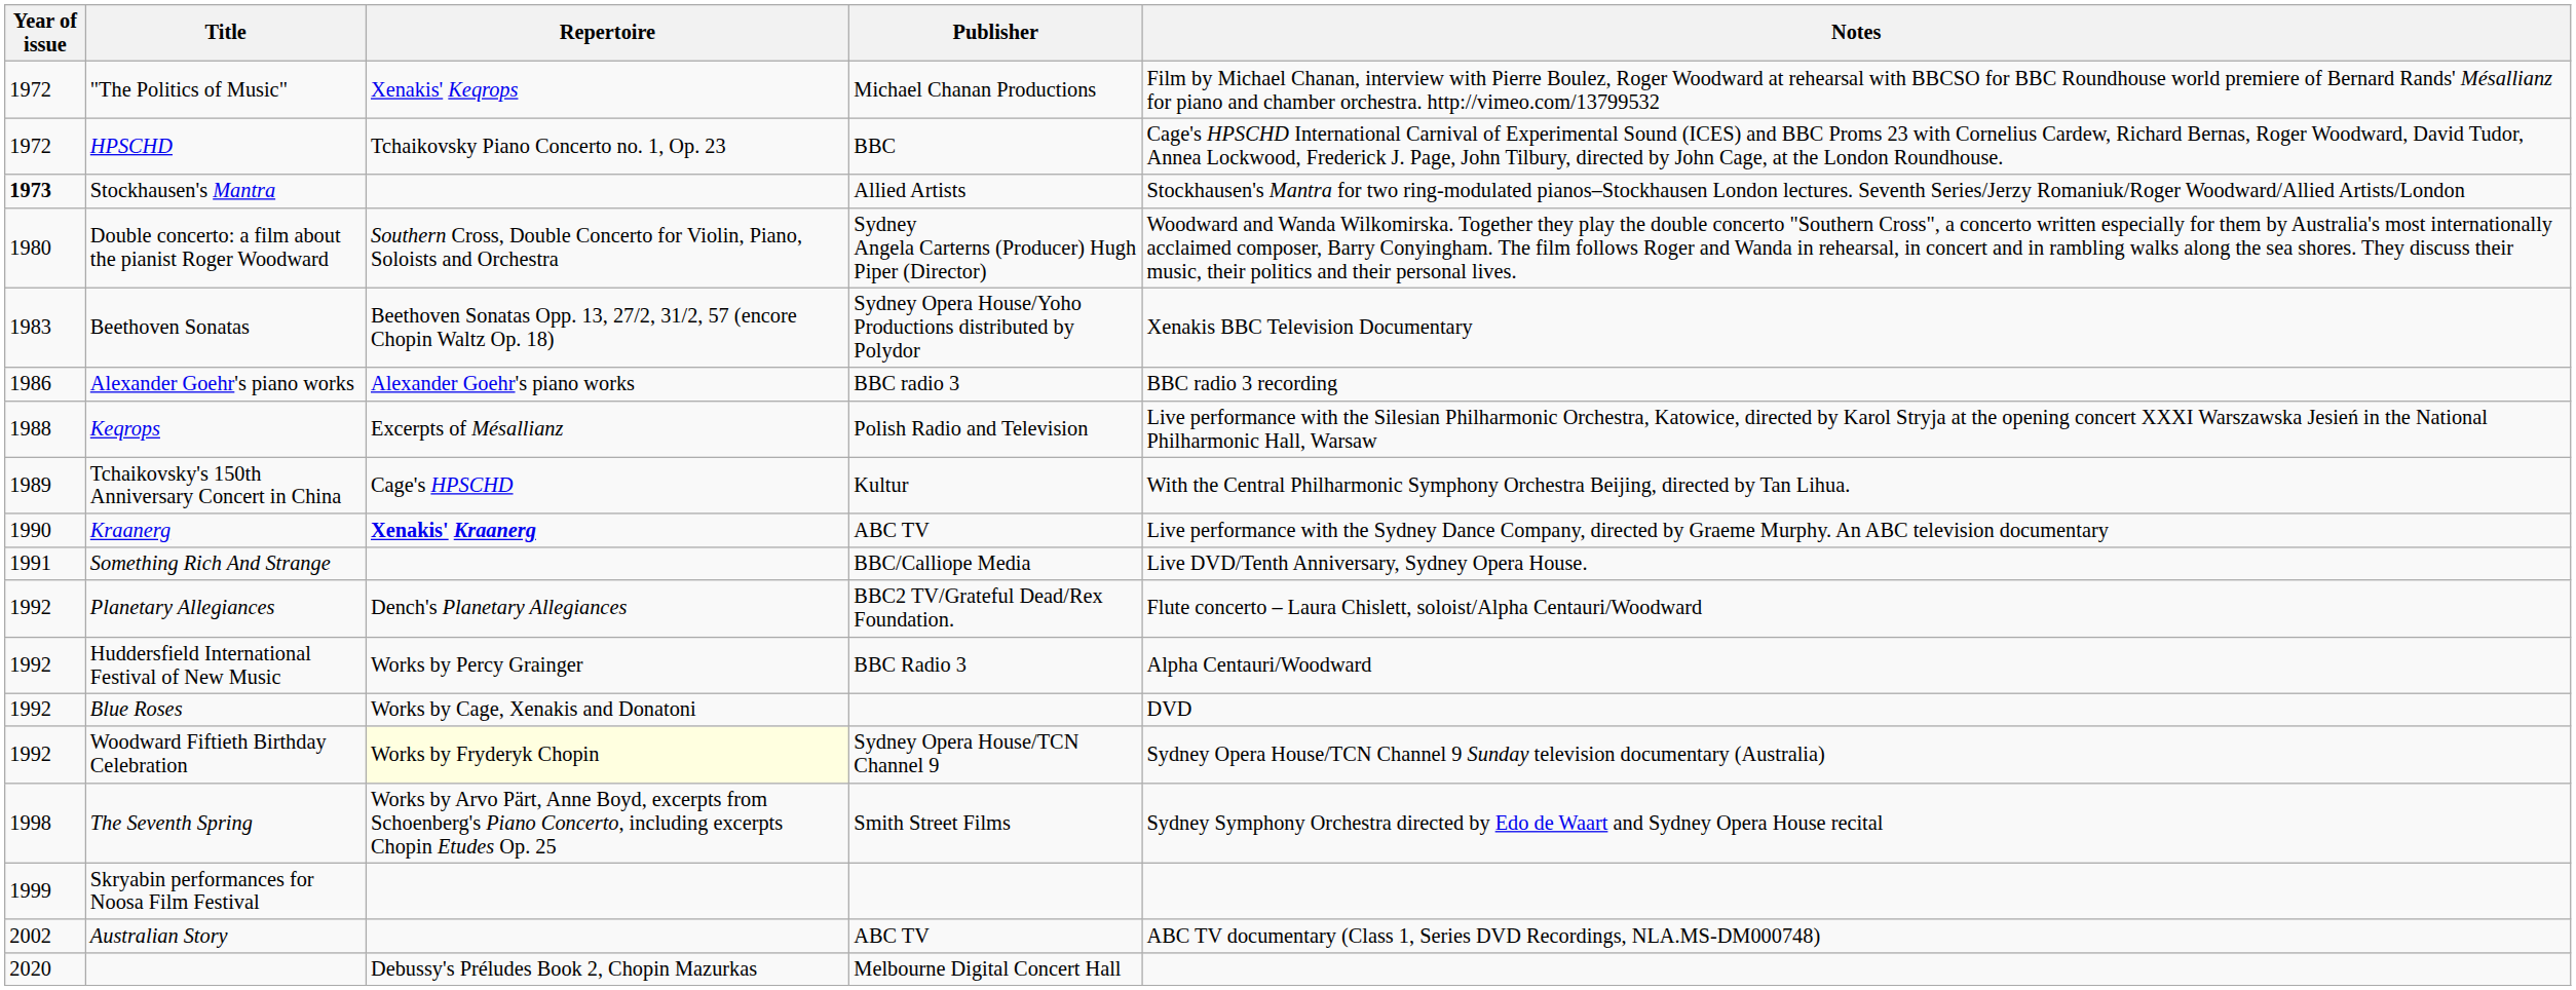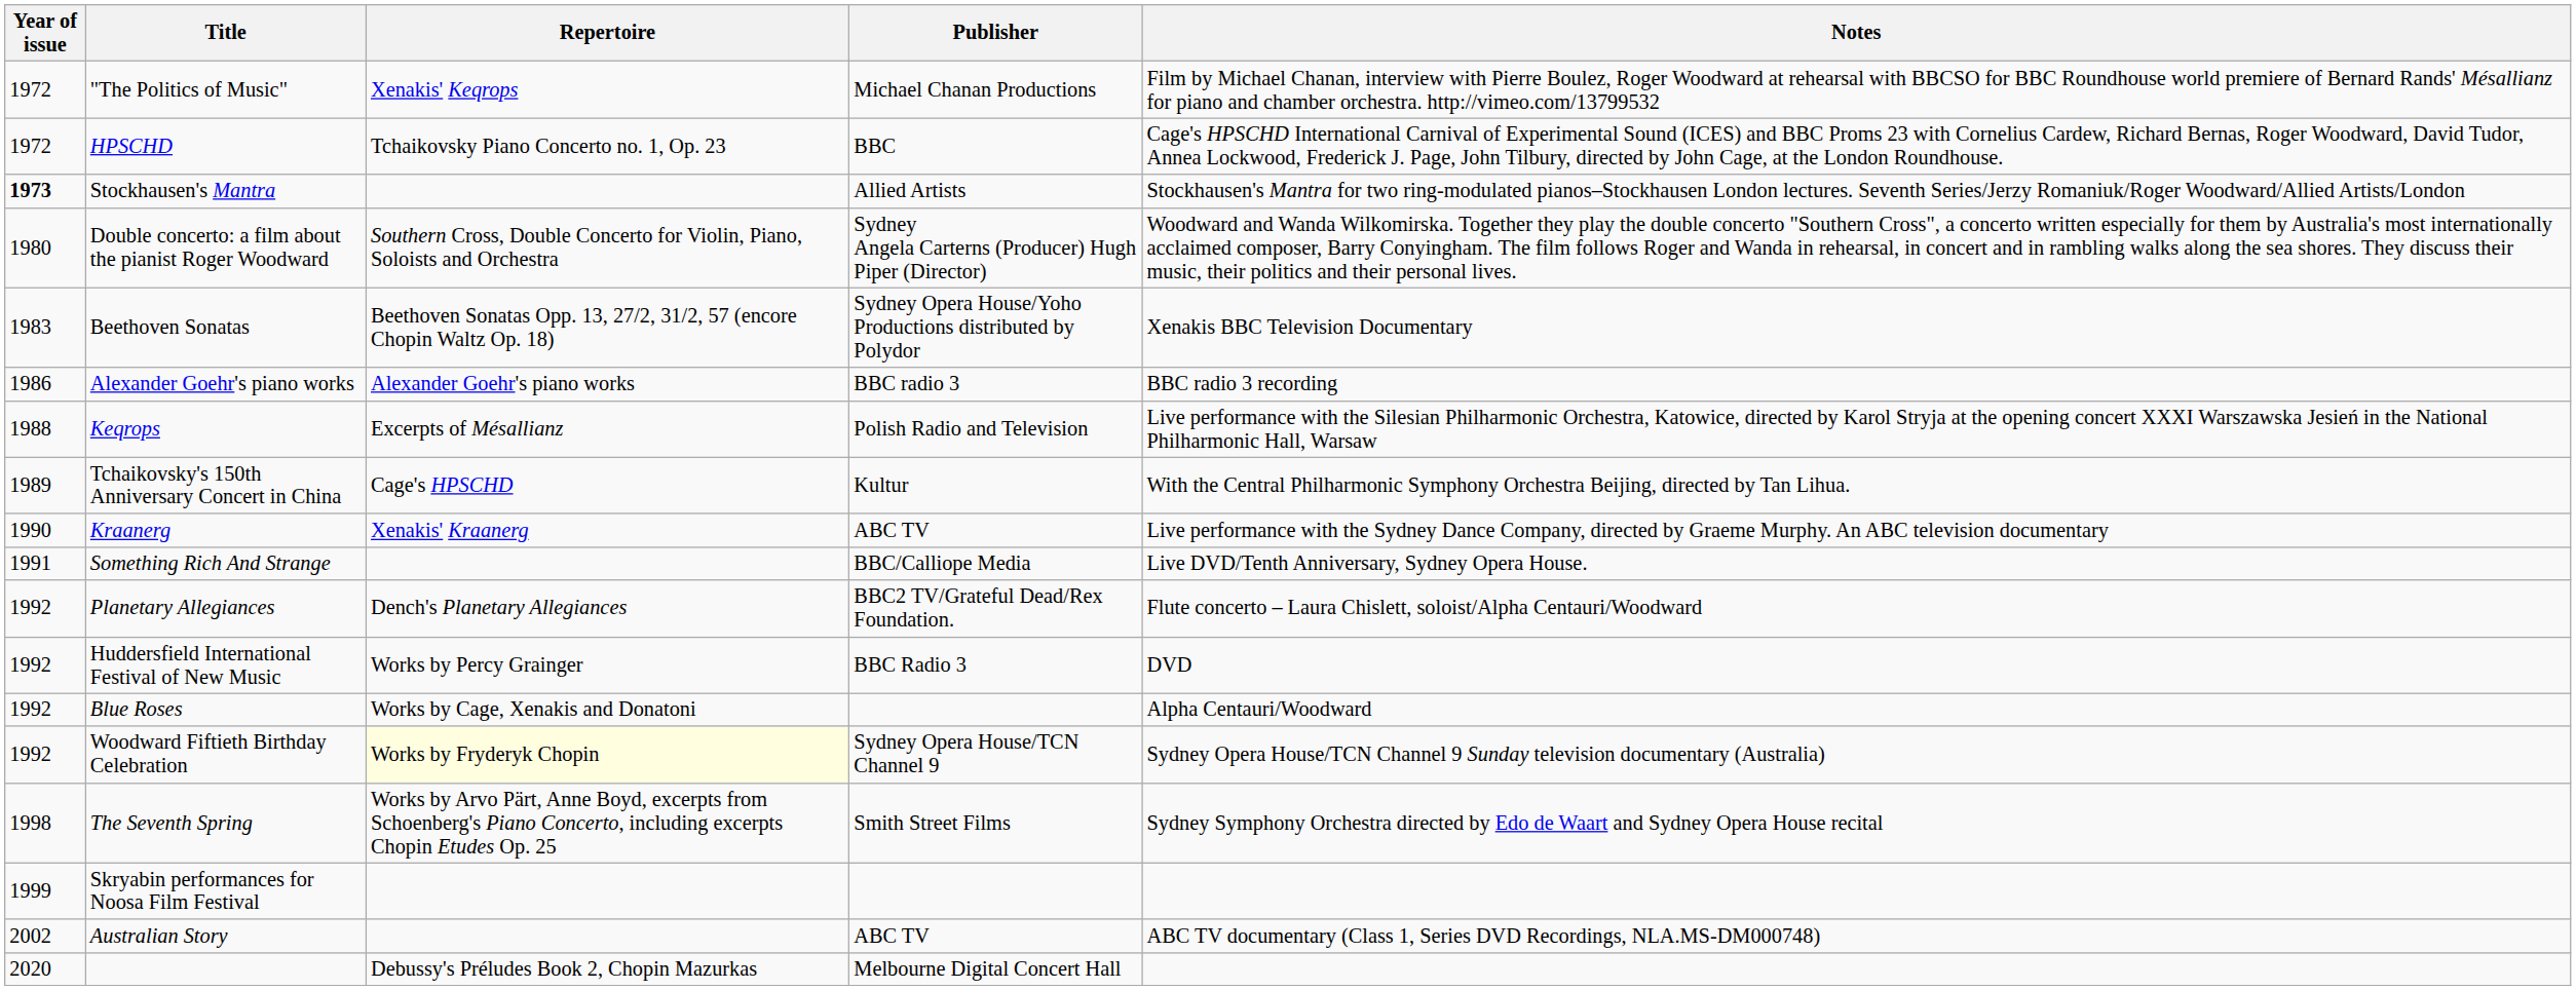 <table class="wikitable sortable">
 <tr>
 <th>Year of issue</th>
 <th>Title</th>
 <th>Repertoire</th>
 <th>Publisher</th>
 <th>Notes</th>
 </tr>
 <tr>
 <td>1972</td>
 <td>"The Politics of Music"</td>
 <td><a href='#'>Xenakis'</a> <em><a href='#'>Keqrops</a></em></td>
 <td>Michael Chanan Productions</td>
 <td>Film by Michael Chanan, interview with Pierre Boulez, Roger Woodward at rehearsal with BBCSO for BBC Roundhouse world premiere of Bernard Rands' <em>Mésallianz</em> for piano and chamber orchestra. http://vimeo.com/13799532</td>
 </tr>
 <tr>
 <td>1972</td>
 <td><em><a href='#'>HPSCHD</a></em></td>
 <td>Tchaikovsky Piano Concerto no. 1, Op. 23</td>
 <td>BBC</td>
 <td>Cage's <em>HPSCHD</em> International Carnival of Experimental Sound (ICES) and BBC Proms 23 with Cornelius Cardew, Richard Bernas, Roger Woodward, David Tudor, Annea Lockwood, Frederick J. Page, John Tilbury, directed by John Cage, at the London Roundhouse.</td>
 </tr>
 <tr>
 <td><strong>1973</strong></td>
 <td>Stockhausen's <em><a href='#'>Mantra</a></em></td>
 <td></td>
 <td>Allied Artists</td>
 <td>Stockhausen's <em>Mantra</em> for two ring-modulated pianos–Stockhausen London lectures. Seventh Series/Jerzy Romaniuk/Roger Woodward/Allied Artists/London</td>
 </tr>
 <tr>
 <td>1980</td>
 <td>Double concerto: a film about the pianist Roger Woodward</td>
 <td><em>Southern</em> Cross, Double Concerto for Violin, Piano, Soloists and Orchestra</td>
 <td>Sydney<br>Angela Carterns (Producer) Hugh Piper (Director)</td>
 <td>Woodward and Wanda Wilkomirska. Together they play the double concerto "Southern Cross", a concerto written especially for them by Australia's most internationally acclaimed composer, Barry Conyingham. The film follows Roger and Wanda in rehearsal, in concert and in rambling walks along the sea shores. They discuss their music, their politics and their personal lives.</td>
 </tr>
 <tr>
 <td>1983</td>
 <td>Beethoven Sonatas</td>
 <td>Beethoven Sonatas Opp. 13, 27/2, 31/2, 57 (encore Chopin Waltz Op. 18)</td>
 <td>Sydney Opera House/Yoho Productions distributed by Polydor</td>
 <td>Xenakis BBC Television Documentary</td>
 </tr>
 <tr>
 <td>1986</td>
 <td><a href='#'>Alexander Goehr</a>'s piano works</td>
 <td><a href='#'>Alexander Goehr</a>'s piano works</td>
 <td>BBC radio 3</td>
 <td>BBC radio 3 recording</td>
 </tr>
 <tr>
 <td>1988</td>
 <td><em><a href='#'>Keqrops</a></em></td>
 <td>Excerpts of <em>Mésallianz</em></td>
 <td>Polish Radio and Television</td>
 <td>Live performance with the Silesian Philharmonic Orchestra, Katowice, directed by Karol Stryja at the opening concert XXXI Warszawska Jesień in the National Philharmonic Hall, Warsaw</td>
 </tr>
 <tr>
 <td>1989</td>
 <td>Tchaikovsky's 150th Anniversary Concert in China</td>
 <td>Cage's<em> <a href='#'>HPSCHD</a></em></td>
 <td>Kultur</td>
 <td>With the Central Philharmonic Symphony Orchestra Beijing, directed by Tan Lihua.</td>
 </tr>
 <tr>
 <td>1990</td>
 <td><em><a href='#'>Kraanerg</a></em></td>
-<td><strong><a href='#'>Xenakis'</a> <em><a href='#'>Kraanerg</a></em></strong></td>
+<td><a href='#'>Xenakis'</a> <em><a href='#'>Kraanerg</a></em></td>
 <td>ABC TV</td>
 <td>Live performance with the Sydney Dance Company, directed by Graeme Murphy. An ABC television documentary</td>
 </tr>
 <tr>
 <td>1991</td>
 <td><em>Something Rich And Strange</em></td>
 <td></td>
 <td>BBC/Calliope Media</td>
 <td>Live DVD/Tenth Anniversary, Sydney Opera House.</td>
 </tr>
 <tr>
 <td>1992</td>
 <td><em>Planetary Allegiances</em></td>
 <td>Dench's <em>Planetary Allegiances</em></td>
 <td>BBC2 TV/Grateful Dead/Rex Foundation.</td>
 <td>Flute concerto – Laura Chislett, soloist/Alpha Centauri/Woodward</td>
 </tr>
 <tr>
 <td>1992</td>
 <td>Huddersfield International Festival of New Music</td>
 <td>Works by Percy Grainger</td>
 <td>BBC Radio 3</td>
-<td>Alpha Centauri/Woodward</td>
+<td>DVD</td>
 </tr>
 <tr>
 <td>1992</td>
 <td><em>Blue Roses</em></td>
 <td>Works by Cage, Xenakis and Donatoni</td>
 <td></td>
-<td>DVD</td>
+<td>Alpha Centauri/Woodward</td>
 </tr>
 <tr>
 <td>1992</td>
 <td>Woodward Fiftieth Birthday Celebration</td>
 <td style="background: lightyellow;">Works by Fryderyk Chopin</td>
 <td>Sydney Opera House/TCN Channel 9</td>
 <td>Sydney Opera House/TCN Channel 9 <em>Sunday</em> television documentary (Australia)</td>
 </tr>
 <tr>
 <td>1998</td>
 <td><em>The Seventh Spring</em></td>
 <td>Works by Arvo Pärt, Anne Boyd, excerpts from Schoenberg's <em>Piano Concerto</em>, including excerpts Chopin <em>Etudes</em> Op. 25</td>
 <td>Smith Street Films</td>
 <td>Sydney Symphony Orchestra directed by <a href='#'>Edo de Waart</a> and Sydney Opera House recital</td>
 </tr>
 <tr>
 <td>1999</td>
 <td>Skryabin performances for Noosa Film Festival</td>
 <td></td>
 <td></td>
 <td></td>
 </tr>
 <tr>
 <td>2002</td>
 <td><em>Australian Story</em></td>
 <td></td>
 <td>ABC TV</td>
 <td>ABC TV documentary (Class 1, Series DVD Recordings, NLA.MS-DM000748)</td>
 </tr>
 <tr>
 <td>2020</td>
 <td></td>
 <td>Debussy's Préludes Book 2, Chopin Mazurkas</td>
 <td>Melbourne Digital Concert Hall</td>
 <td></td>
 </tr>
 <tr>
 </tr>
 </table>
